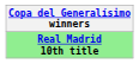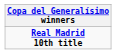 <table class="wikitable" style="text-align: center; margin: 0 auto;">
 <tr>
 <th><a href='#'>Copa del Generalísimo</a><br>winners</th>
 </tr>
 <tr>
-<td style="background: lightgreen;"><strong><a href='#'>Real Madrid</a></strong><br><strong>10th title</strong></td>
+<td><strong><a href='#'>Real Madrid</a></strong><br><strong>10th title</strong></td>
 </tr>
 </table>
